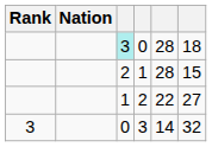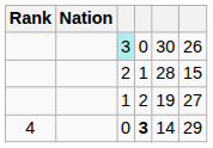 <table class="wikitable sortable" style="text-align: center;">
 <tr>
 <th>Rank</th>
 <th>Nation</th>
 <th></th>
 <th></th>
 <th></th>
 <th></th>
 </tr>
 <tr>
 <td></td>
 <td align=left></td>
 <td style="background: paleturquoise;">3</td>
 <td>0</td>
-<td>28</td>
-<td>18</td>
+<td>30</td>
+<td>26</td>
 </tr>
 <tr>
 <td></td>
 <td align=left></td>
 <td>2</td>
 <td>1</td>
 <td>28</td>
 <td>15</td>
 </tr>
 <tr>
 <td></td>
 <td align=left></td>
 <td>1</td>
 <td>2</td>
-<td>22</td>
+<td>19</td>
 <td>27</td>
 </tr>
 <tr>
-<td>3</td>
+<td>4</td>
 <td align=left></td>
 <td>0</td>
-<td>3</td>
+<td><strong>3</strong></td>
 <td>14</td>
-<td>32</td>
+<td>29</td>
 </tr>
 </table>
